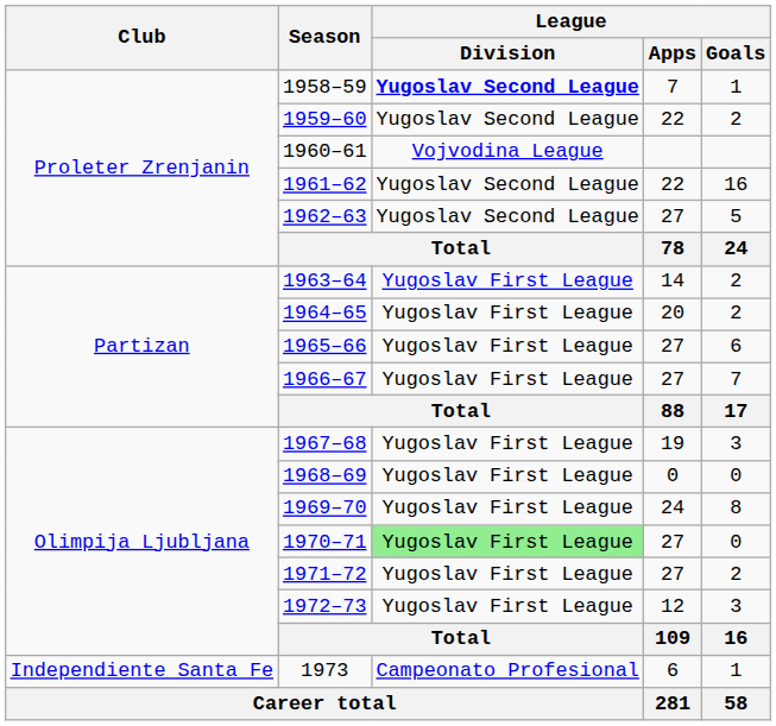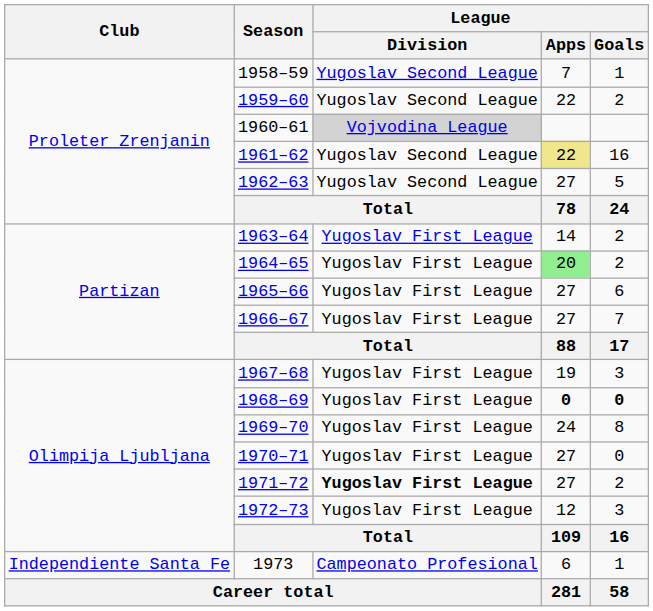 <table class="wikitable" style="text-align:center">
 <tr>
 <th rowspan="2">Club</th>
 <th rowspan="2">Season</th>
 <th colspan="3">League</th>
 </tr>
 <tr>
 <th>Division</th>
 <th>Apps</th>
 <th>Goals</th>
 </tr>
 <tr>
 <td rowspan="6"><a href='#'>Proleter Zrenjanin</a></td>
 <td>1958–59</td>
-<td><strong><a href='#'>Yugoslav Second League</a></strong></td>
+<td><a href='#'>Yugoslav Second League</a></td>
 <td>7</td>
 <td>1</td>
 </tr>
 <tr>
 <td><a href='#'>1959–60</a></td>
 <td>Yugoslav Second League</td>
 <td>22</td>
 <td>2</td>
 </tr>
 <tr>
 <td>1960–61</td>
-<td><a href='#'>Vojvodina League</a></td>
+<td style="background: lightgrey;"><a href='#'>Vojvodina League</a></td>
 <td></td>
 <td></td>
 </tr>
 <tr>
 <td><a href='#'>1961–62</a></td>
 <td>Yugoslav Second League</td>
-<td>22</td>
+<td style="background: khaki;">22</td>
 <td>16</td>
 </tr>
 <tr>
 <td><a href='#'>1962–63</a></td>
 <td>Yugoslav Second League</td>
 <td>27</td>
 <td>5</td>
 </tr>
 <tr>
 <th colspan="2">Total</th>
 <th>78</th>
 <th>24</th>
 </tr>
 <tr>
 <td rowspan="5"><a href='#'>Partizan</a></td>
 <td><a href='#'>1963–64</a></td>
 <td><a href='#'>Yugoslav First League</a></td>
 <td>14</td>
 <td>2</td>
 </tr>
 <tr>
 <td><a href='#'>1964–65</a></td>
 <td>Yugoslav First League</td>
-<td>20</td>
+<td style="background: lightgreen;">20</td>
 <td>2</td>
 </tr>
 <tr>
 <td><a href='#'>1965–66</a></td>
 <td>Yugoslav First League</td>
 <td>27</td>
 <td>6</td>
 </tr>
 <tr>
 <td><a href='#'>1966–67</a></td>
 <td>Yugoslav First League</td>
 <td>27</td>
 <td>7</td>
 </tr>
 <tr>
 <th colspan="2">Total</th>
 <th>88</th>
 <th>17</th>
 </tr>
 <tr>
 <td rowspan="7"><a href='#'>Olimpija Ljubljana</a></td>
 <td><a href='#'>1967–68</a></td>
 <td>Yugoslav First League</td>
 <td>19</td>
 <td>3</td>
 </tr>
 <tr>
 <td><a href='#'>1968–69</a></td>
 <td>Yugoslav First League</td>
-<td>0</td>
-<td>0</td>
+<td><strong>0</strong></td>
+<td><strong>0</strong></td>
 </tr>
 <tr>
 <td><a href='#'>1969–70</a></td>
 <td>Yugoslav First League</td>
 <td>24</td>
 <td>8</td>
 </tr>
 <tr>
 <td><a href='#'>1970–71</a></td>
-<td style="background: lightgreen;">Yugoslav First League</td>
+<td>Yugoslav First League</td>
 <td>27</td>
 <td>0</td>
 </tr>
 <tr>
 <td><a href='#'>1971–72</a></td>
-<td>Yugoslav First League</td>
+<td><strong>Yugoslav First League</strong></td>
 <td>27</td>
 <td>2</td>
 </tr>
 <tr>
 <td><a href='#'>1972–73</a></td>
 <td>Yugoslav First League</td>
 <td>12</td>
 <td>3</td>
 </tr>
 <tr>
 <th colspan="2">Total</th>
 <th>109</th>
 <th>16</th>
 </tr>
 <tr>
 <td><a href='#'>Independiente Santa Fe</a></td>
 <td>1973</td>
 <td><a href='#'>Campeonato Profesional</a></td>
 <td>6</td>
 <td>1</td>
 </tr>
 <tr>
 <th colspan="3">Career total</th>
 <th>281</th>
 <th>58</th>
 </tr>
 </table>
